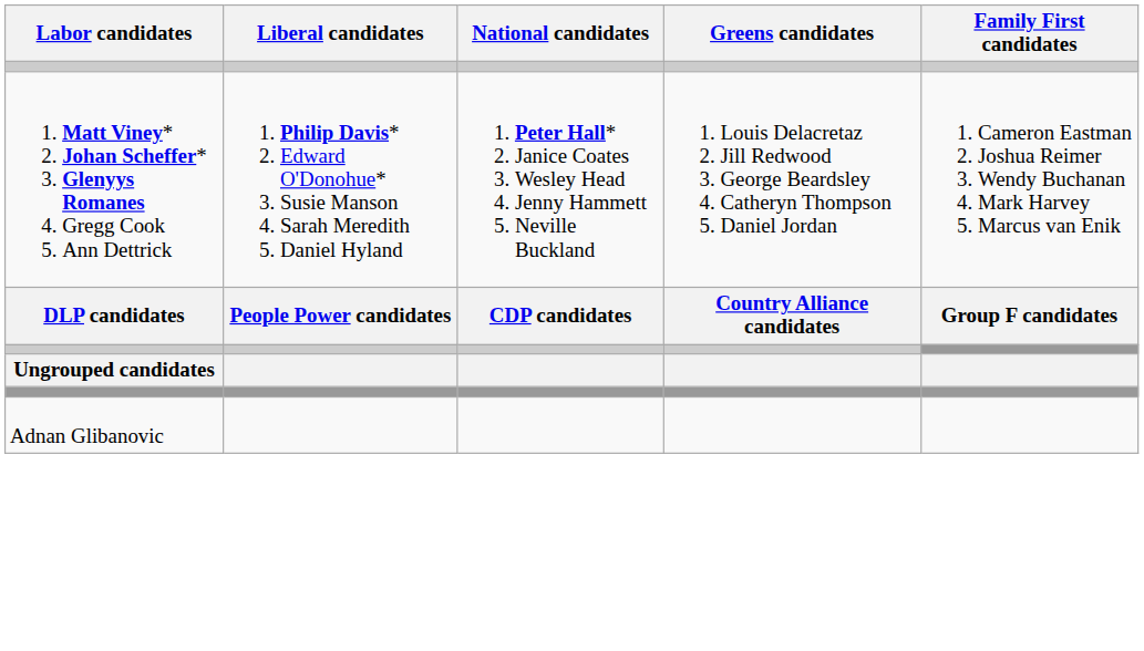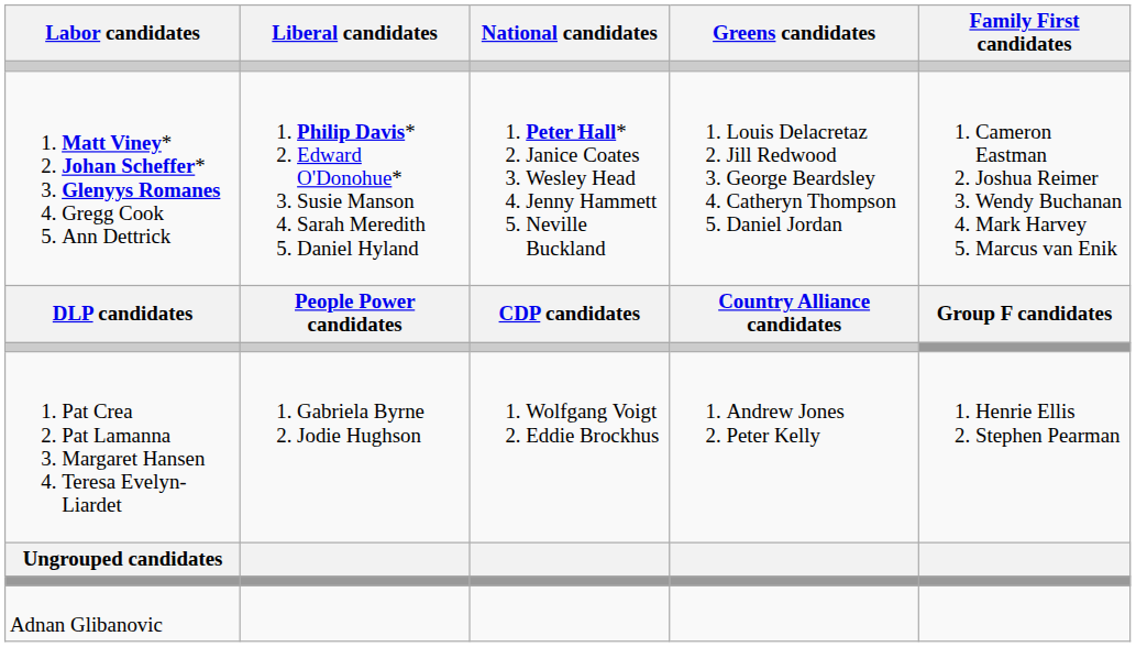 <table class="wikitable">
 <tr>
 <th><a href='#'>Labor</a> candidates</th>
 <th><a href='#'>Liberal</a> candidates</th>
 <th><a href='#'>National</a> candidates</th>
 <th><a href='#'>Greens</a> candidates</th>
 <th><a href='#'>Family First</a> candidates</th>
 </tr>
 <tr bgcolor="#cccccc">
 <td></td>
 <td></td>
 <td></td>
 <td></td>
 <td></td>
 </tr>
 <tr>
 <td><br><ol><li><strong><a href='#'>Matt Viney</a></strong>*</li><li><strong><a href='#'>Johan Scheffer</a></strong>*</li><li><strong><a href='#'>Glenyys Romanes</a></strong></li><li>Gregg Cook</li><li>Ann Dettrick</li></ol></td>
 <td><br><ol><li><strong><a href='#'>Philip Davis</a></strong>*</li><li><a href='#'>Edward O'Donohue</a>*</li><li>Susie Manson</li><li>Sarah Meredith</li><li>Daniel Hyland</li></ol></td>
 <td><br><ol><li><strong><a href='#'>Peter Hall</a></strong>*</li><li>Janice Coates</li><li>Wesley Head</li><li>Jenny Hammett</li><li>Neville Buckland</li></ol></td>
 <td valign=top><br><ol><li>Louis Delacretaz</li><li>Jill Redwood</li><li>George Beardsley</li><li>Catheryn Thompson</li><li>Daniel Jordan</li></ol></td>
 <td valign=top><br><ol><li>Cameron Eastman</li><li>Joshua Reimer</li><li>Wendy Buchanan</li><li>Mark Harvey</li><li>Marcus van Enik</li></ol></td>
 </tr>
 <tr bgcolor="#cccccc">
 <th><a href='#'>DLP</a> candidates</th>
 <th><a href='#'>People Power</a> candidates</th>
 <th><a href='#'>CDP</a> candidates</th>
 <th><a href='#'>Country Alliance</a> candidates</th>
 <th>Group F candidates</th>
 </tr>
 <tr bgcolor="#cccccc">
 <td></td>
 <td></td>
 <td></td>
 <td></td>
 <td bgcolor="#999999"></td>
 </tr>
+<tr>
+<td valign=top><br><ol><li>Pat Crea</li><li>Pat Lamanna</li><li>Margaret Hansen</li><li>Teresa Evelyn-Liardet</li></ol></td>
+<td valign=top><br><ol><li>Gabriela Byrne</li><li>Jodie Hughson</li></ol></td>
+<td valign=top><br><ol><li>Wolfgang Voigt</li><li>Eddie Brockhus</li></ol></td>
+<td valign=top><br><ol><li>Andrew Jones</li><li>Peter Kelly</li></ol></td>
+<td valign=top><br><ol><li>Henrie Ellis</li><li>Stephen Pearman</li></ol></td>
+</tr>
 <tr bgcolor="#cccccc">
 <th>Ungrouped candidates</th>
 <th></th>
 <th></th>
 <th></th>
 <th></th>
 </tr>
 <tr bgcolor="#cccccc">
 <td bgcolor="#999999"></td>
 <td bgcolor="#999999"></td>
 <td bgcolor="#999999"></td>
 <td bgcolor="#999999"></td>
 <td bgcolor="#999999"></td>
 </tr>
 <tr>
 <td valign=top><br>Adnan Glibanovic</td>
 <td valign=top></td>
 <td valign=top></td>
 <td valign=top></td>
 <td valign=top></td>
 </tr>
 </table>
